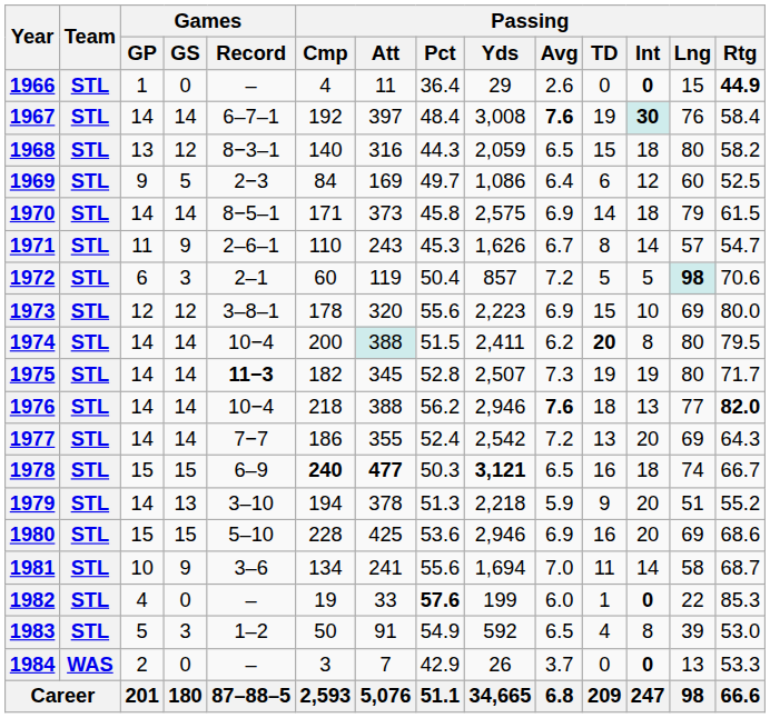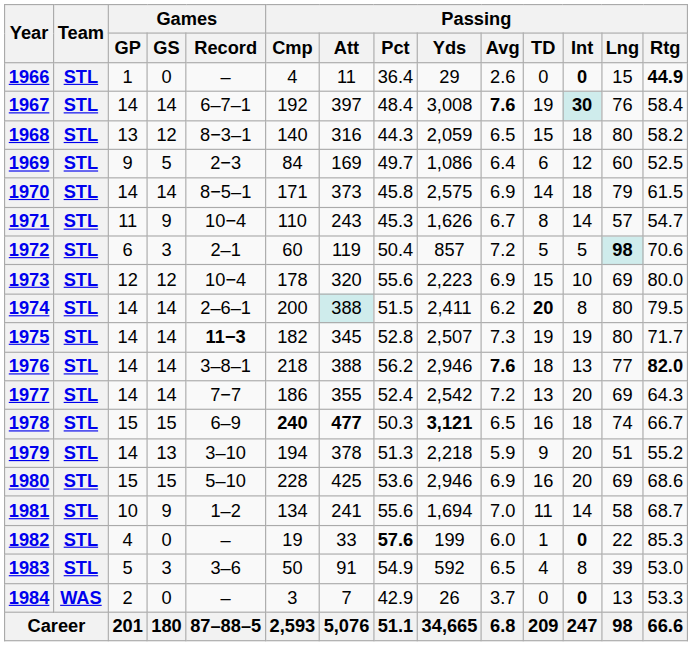 <table class="wikitable" style="text-align:center">
 <tr>
 <th rowspan="2">Year</th>
 <th rowspan="2">Team</th>
 <th colspan="3">Games</th>
 <th colspan="9">Passing</th>
 </tr>
 <tr>
 <th>GP</th>
 <th>GS</th>
 <th>Record</th>
 <th>Cmp</th>
 <th>Att</th>
 <th>Pct</th>
 <th>Yds</th>
 <th>Avg</th>
 <th>TD</th>
 <th>Int</th>
 <th>Lng</th>
 <th>Rtg</th>
 </tr>
 <tr>
 <th><a href='#'>1966</a></th>
 <th><a href='#'>STL</a></th>
 <td>1</td>
 <td>0</td>
 <td>–</td>
 <td>4</td>
 <td>11</td>
 <td>36.4</td>
 <td>29</td>
 <td>2.6</td>
 <td>0</td>
 <td><strong>0</strong></td>
 <td>15</td>
 <td><strong>44.9</strong></td>
 </tr>
 <tr>
 <th><a href='#'>1967</a></th>
 <th><a href='#'>STL</a></th>
 <td>14</td>
 <td>14</td>
 <td>6–7–1</td>
 <td>192</td>
 <td>397</td>
 <td>48.4</td>
 <td>3,008</td>
 <td><strong>7.6</strong></td>
 <td>19</td>
 <td style="background:#cfecec;"><strong>30</strong></td>
 <td>76</td>
 <td>58.4</td>
 </tr>
 <tr>
 <th><a href='#'>1968</a></th>
 <th><a href='#'>STL</a></th>
 <td>13</td>
 <td>12</td>
 <td>8−3–1</td>
 <td>140</td>
 <td>316</td>
 <td>44.3</td>
 <td>2,059</td>
 <td>6.5</td>
 <td>15</td>
 <td>18</td>
 <td>80</td>
 <td>58.2</td>
 </tr>
 <tr>
 <th><a href='#'>1969</a></th>
 <th><a href='#'>STL</a></th>
 <td>9</td>
 <td>5</td>
 <td>2−3</td>
 <td>84</td>
 <td>169</td>
 <td>49.7</td>
 <td>1,086</td>
 <td>6.4</td>
 <td>6</td>
 <td>12</td>
 <td>60</td>
 <td>52.5</td>
 </tr>
 <tr>
 <th><a href='#'>1970</a></th>
 <th><a href='#'>STL</a></th>
 <td>14</td>
 <td>14</td>
 <td>8−5–1</td>
 <td>171</td>
 <td>373</td>
 <td>45.8</td>
 <td>2,575</td>
 <td>6.9</td>
 <td>14</td>
 <td>18</td>
 <td>79</td>
 <td>61.5</td>
 </tr>
 <tr>
 <th><a href='#'>1971</a></th>
 <th><a href='#'>STL</a></th>
 <td>11</td>
 <td>9</td>
-<td>2–6–1</td>
+<td>10−4</td>
 <td>110</td>
 <td>243</td>
 <td>45.3</td>
 <td>1,626</td>
 <td>6.7</td>
 <td>8</td>
 <td>14</td>
 <td>57</td>
 <td>54.7</td>
 </tr>
 <tr>
 <th><a href='#'>1972</a></th>
 <th><a href='#'>STL</a></th>
 <td>6</td>
 <td>3</td>
 <td>2–1</td>
 <td>60</td>
 <td>119</td>
 <td>50.4</td>
 <td>857</td>
 <td>7.2</td>
 <td>5</td>
 <td>5</td>
 <td style="background:#cfecec;"><strong>98</strong></td>
 <td>70.6</td>
 </tr>
 <tr>
 <th><a href='#'>1973</a></th>
 <th><a href='#'>STL</a></th>
 <td>12</td>
 <td>12</td>
-<td>3–8–1</td>
+<td>10−4</td>
 <td>178</td>
 <td>320</td>
 <td>55.6</td>
 <td>2,223</td>
 <td>6.9</td>
 <td>15</td>
 <td>10</td>
 <td>69</td>
 <td>80.0</td>
 </tr>
 <tr>
 <th><a href='#'>1974</a></th>
 <th><a href='#'>STL</a></th>
 <td>14</td>
 <td>14</td>
-<td>10−4</td>
+<td>2–6–1</td>
 <td>200</td>
 <td style="background:#cfecec;">388</td>
 <td>51.5</td>
 <td>2,411</td>
 <td>6.2</td>
 <td><strong>20</strong></td>
 <td>8</td>
 <td>80</td>
 <td>79.5</td>
 </tr>
 <tr>
 <th><a href='#'>1975</a></th>
 <th><a href='#'>STL</a></th>
 <td>14</td>
 <td>14</td>
 <td><strong>11−3</strong></td>
 <td>182</td>
 <td>345</td>
 <td>52.8</td>
 <td>2,507</td>
 <td>7.3</td>
 <td>19</td>
 <td>19</td>
 <td>80</td>
 <td>71.7</td>
 </tr>
 <tr>
 <th><a href='#'>1976</a></th>
 <th><a href='#'>STL</a></th>
 <td>14</td>
 <td>14</td>
-<td>10−4</td>
+<td>3–8–1</td>
 <td>218</td>
 <td>388</td>
 <td>56.2</td>
 <td>2,946</td>
 <td><strong>7.6</strong></td>
 <td>18</td>
 <td>13</td>
 <td>77</td>
 <td><strong>82.0</strong></td>
 </tr>
 <tr>
 <th><a href='#'>1977</a></th>
 <th><a href='#'>STL</a></th>
 <td>14</td>
 <td>14</td>
 <td>7−7</td>
 <td>186</td>
 <td>355</td>
 <td>52.4</td>
 <td>2,542</td>
 <td>7.2</td>
 <td>13</td>
 <td>20</td>
 <td>69</td>
 <td>64.3</td>
 </tr>
 <tr>
 <th><a href='#'>1978</a></th>
 <th><a href='#'>STL</a></th>
 <td>15</td>
 <td>15</td>
 <td>6–9</td>
 <td><strong>240</strong></td>
 <td><strong>477</strong></td>
 <td>50.3</td>
 <td><strong>3,121</strong></td>
 <td>6.5</td>
 <td>16</td>
 <td>18</td>
 <td>74</td>
 <td>66.7</td>
 </tr>
 <tr>
 <th><a href='#'>1979</a></th>
 <th><a href='#'>STL</a></th>
 <td>14</td>
 <td>13</td>
 <td>3–10</td>
 <td>194</td>
 <td>378</td>
 <td>51.3</td>
 <td>2,218</td>
 <td>5.9</td>
 <td>9</td>
 <td>20</td>
 <td>51</td>
 <td>55.2</td>
 </tr>
 <tr>
 <th><a href='#'>1980</a></th>
 <th><a href='#'>STL</a></th>
 <td>15</td>
 <td>15</td>
 <td>5–10</td>
 <td>228</td>
 <td>425</td>
 <td>53.6</td>
 <td>2,946</td>
 <td>6.9</td>
 <td>16</td>
 <td>20</td>
 <td>69</td>
 <td>68.6</td>
 </tr>
 <tr>
 <th><a href='#'>1981</a></th>
 <th><a href='#'>STL</a></th>
 <td>10</td>
 <td>9</td>
-<td>3–6</td>
+<td>1–2</td>
 <td>134</td>
 <td>241</td>
 <td>55.6</td>
 <td>1,694</td>
 <td>7.0</td>
 <td>11</td>
 <td>14</td>
 <td>58</td>
 <td>68.7</td>
 </tr>
 <tr>
 <th><a href='#'>1982</a></th>
 <th><a href='#'>STL</a></th>
 <td>4</td>
 <td>0</td>
 <td>–</td>
 <td>19</td>
 <td>33</td>
 <td><strong>57.6</strong></td>
 <td>199</td>
 <td>6.0</td>
 <td>1</td>
 <td><strong>0</strong></td>
 <td>22</td>
 <td>85.3</td>
 </tr>
 <tr>
 <th><a href='#'>1983</a></th>
 <th><a href='#'>STL</a></th>
 <td>5</td>
 <td>3</td>
-<td>1–2</td>
+<td>3–6</td>
 <td>50</td>
 <td>91</td>
 <td>54.9</td>
 <td>592</td>
 <td>6.5</td>
 <td>4</td>
 <td>8</td>
 <td>39</td>
 <td>53.0</td>
 </tr>
 <tr>
 <th><a href='#'>1984</a></th>
 <th><a href='#'>WAS</a></th>
 <td>2</td>
 <td>0</td>
 <td>–</td>
 <td>3</td>
 <td>7</td>
 <td>42.9</td>
 <td>26</td>
 <td>3.7</td>
 <td>0</td>
 <td><strong>0</strong></td>
 <td>13</td>
 <td>53.3</td>
 </tr>
 <tr>
 <th colspan="2">Career</th>
 <th>201</th>
 <th>180</th>
 <th>87–88–5</th>
 <th>2,593</th>
 <th>5,076</th>
 <th>51.1</th>
 <th>34,665</th>
 <th>6.8</th>
 <th>209</th>
 <th>247</th>
 <th>98</th>
 <th>66.6</th>
 </tr>
 </table>
